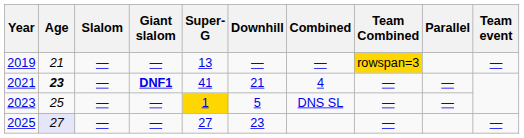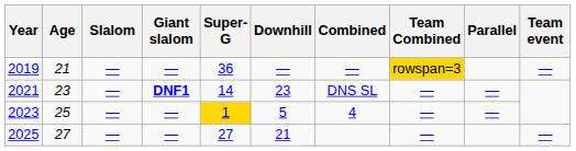 <table class=wikitable style="text-align:center">
 <tr>
 <th>  Year  </th>
 <th> Age </th>
 <th> Slalom </th>
 <th> Giant <br> slalom </th>
 <th>Super-G</th>
 <th>Downhill</th>
 <th>Combined</th>
 <th>Team<br>Combined</th>
 <th>Parallel</th>
 <th>Team<br> event </th>
 </tr>
 <tr>
 <td><a href='#'>2019</a></td>
 <td><em>21</em></td>
 <td><a href='#'>—</a></td>
 <td><a href='#'>—</a></td>
-<td><a href='#'>13</a></td>
+<td><a href='#'>36</a></td>
 <td><a href='#'>—</a></td>
 <td><a href='#'>—</a></td>
 <td style="background: gold;">rowspan=3</td>
 <td></td>
 <td><a href='#'>—</a></td>
 </tr>
 <tr>
 <td><a href='#'>2021</a></td>
-<td><strong><em>23</em></strong></td>
+<td><em>23</em></td>
 <td><a href='#'>—</a></td>
 <td><strong><a href='#'>DNF1</a></strong></td>
-<td><a href='#'>41</a></td>
-<td><a href='#'>21</a></td>
-<td><a href='#'>4</a></td>
+<td><a href='#'>14</a></td>
+<td><a href='#'>23</a></td>
+<td><a href='#'>DNS SL</a></td>
 <td><a href='#'>—</a></td>
 <td><a href='#'>—</a></td>
 </tr>
 <tr>
 <td><a href='#'>2023</a></td>
 <td><em>25</em></td>
 <td><a href='#'>—</a></td>
 <td><a href='#'>—</a></td>
 <td style="background:gold;"><a href='#'>1</a></td>
 <td><a href='#'>5</a></td>
-<td><a href='#'>DNS SL</a></td>
+<td><a href='#'>4</a></td>
 <td><a href='#'>—</a></td>
 <td><a href='#'>—</a></td>
 </tr>
 <tr>
 <td><a href='#'>2025</a></td>
-<td style="background: lavender;"><em>27</em></td>
+<td><em>27</em></td>
 <td><a href='#'>—</a></td>
 <td><a href='#'>—</a></td>
 <td><a href='#'>27</a></td>
-<td><a href='#'>23</a></td>
+<td><a href='#'>21</a></td>
 <td></td>
 <td><a href='#'>—</a></td>
 <td></td>
 <td><a href='#'>—</a></td>
 </tr>
 </table>
